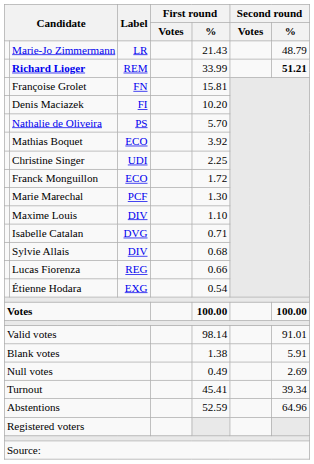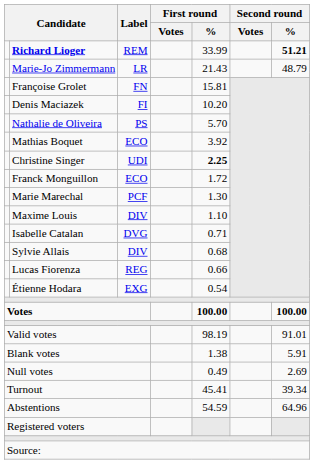 <table class="wikitable" style="text-align:right;font-size:95%;">
 <tr>
 <th rowspan="2" colspan="2">Candidate</th>
 <th rowspan="2">Label</th>
 <th colspan="2">First round</th>
 <th colspan="2">Second round</th>
 </tr>
 <tr>
 <th style="width:50px;">Votes</th>
 <th style="width:45px;">%</th>
 <th style="width:50px;">Votes</th>
 <th style="width:45px;">%</th>
 </tr>
 <tr>
 <td style="color:inherit;background:"></td>
+<td style="text-align:left;"><strong><a href='#'>Richard Lioger</a></strong></td>
+<td><a href='#'>REM</a></td>
+<td></td>
+<td>33.99</td>
+<td><strong></strong></td>
+<td><strong>51.21</strong></td>
+</tr>
+<tr>
+<td style="color:inherit;background:"></td>
 <td style="text-align:left;"><a href='#'>Marie-Jo Zimmermann</a></td>
 <td><a href='#'>LR</a></td>
 <td></td>
 <td>21.43</td>
 <td></td>
 <td>48.79</td>
-</tr>
-<tr>
-<td style="color:inherit;background:"></td>
-<td style="text-align:left;"><strong><a href='#'>Richard Lioger</a></strong></td>
-<td><a href='#'>REM</a></td>
-<td></td>
-<td>33.99</td>
-<td><strong></strong></td>
-<td><strong>51.21</strong></td>
 </tr>
 <tr>
 <td style="color:inherit;background:"></td>
 <td style="text-align:left;">Françoise Grolet</td>
 <td><a href='#'>FN</a></td>
 <td></td>
 <td>15.81</td>
 <td colspan="2" rowspan="12" style="background:#E9E9E9;"></td>
 </tr>
 <tr>
 <td style="color:inherit;background:"></td>
 <td style="text-align:left;">Denis Maciazek</td>
 <td><a href='#'>FI</a></td>
 <td></td>
 <td>10.20</td>
 </tr>
 <tr>
 <td style="color:inherit;background:"></td>
 <td style="text-align:left;"><a href='#'>Nathalie de Oliveira</a></td>
 <td><a href='#'>PS</a></td>
 <td></td>
 <td>5.70</td>
 </tr>
 <tr>
 <td style="color:inherit;background:"></td>
 <td style="text-align:left;">Mathias Boquet</td>
 <td><a href='#'>ECO</a></td>
 <td></td>
 <td>3.92</td>
 </tr>
 <tr>
 <td style="color:inherit;background:"></td>
 <td style="text-align:left;">Christine Singer</td>
 <td><a href='#'>UDI</a></td>
 <td></td>
-<td>2.25</td>
+<td><strong>2.25</strong></td>
 </tr>
 <tr>
 <td style="color:inherit;background:"></td>
 <td style="text-align:left;">Franck Monguillon</td>
 <td><a href='#'>ECO</a></td>
 <td></td>
 <td>1.72</td>
 </tr>
 <tr>
 <td style="color:inherit;background:"></td>
 <td style="text-align:left;">Marie Marechal</td>
 <td><a href='#'>PCF</a></td>
 <td></td>
 <td>1.30</td>
 </tr>
 <tr>
 <td style="color:inherit;background:"></td>
 <td style="text-align:left;">Maxime Louis</td>
 <td><a href='#'>DIV</a></td>
 <td></td>
 <td>1.10</td>
 </tr>
 <tr>
 <td style="color:inherit;background:"></td>
 <td style="text-align:left;">Isabelle Catalan</td>
 <td><a href='#'>DVG</a></td>
 <td></td>
 <td>0.71</td>
 </tr>
 <tr>
 <td style="color:inherit;background:"></td>
 <td style="text-align:left;">Sylvie Allais</td>
 <td><a href='#'>DIV</a></td>
 <td></td>
 <td>0.68</td>
 </tr>
 <tr>
 <td style="color:inherit;background:"></td>
 <td style="text-align:left;">Lucas Fiorenza</td>
 <td><a href='#'>REG</a></td>
 <td></td>
 <td>0.66</td>
 </tr>
 <tr>
 <td style="color:inherit;background:"></td>
 <td style="text-align:left;">Étienne Hodara</td>
 <td><a href='#'>EXG</a></td>
 <td></td>
 <td>0.54</td>
 </tr>
 <tr>
 <td colspan="7" style="background:#E9E9E9;"></td>
 </tr>
 <tr style="font-weight:bold;">
 <td colspan="3" style="text-align:left;">Votes</td>
 <td></td>
 <td>100.00</td>
 <td></td>
 <td>100.00</td>
 </tr>
 <tr>
 <td colspan="7" style="background:#E9E9E9;"></td>
 </tr>
 <tr>
 <td colspan="3" style="text-align:left;">Valid votes</td>
 <td></td>
-<td>98.14</td>
+<td>98.19</td>
 <td></td>
 <td>91.01</td>
 </tr>
 <tr>
 <td colspan="3" style="text-align:left;">Blank votes</td>
 <td></td>
 <td>1.38</td>
 <td></td>
 <td>5.91</td>
 </tr>
 <tr>
 <td colspan="3" style="text-align:left;">Null votes</td>
 <td></td>
 <td>0.49</td>
 <td></td>
 <td>2.69</td>
 </tr>
 <tr>
 <td colspan="3" style="text-align:left;">Turnout</td>
 <td></td>
 <td>45.41</td>
 <td></td>
 <td>39.34</td>
 </tr>
 <tr>
 <td colspan="3" style="text-align:left;">Abstentions</td>
 <td></td>
-<td>52.59</td>
+<td>54.59</td>
 <td></td>
 <td>64.96</td>
 </tr>
 <tr>
 <td colspan="3" style="text-align:left;">Registered voters</td>
 <td></td>
 <td style="background:#E9E9E9;"></td>
 <td></td>
 <td style="background:#E9E9E9;"></td>
 </tr>
 <tr>
 <td colspan="7" style="background:#E9E9E9;"></td>
 </tr>
 <tr>
 <td colspan="7" style="text-align:left;">Source: </td>
 </tr>
 </table>
